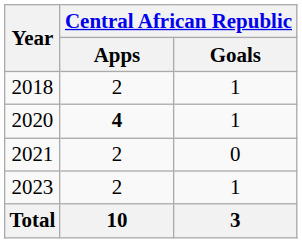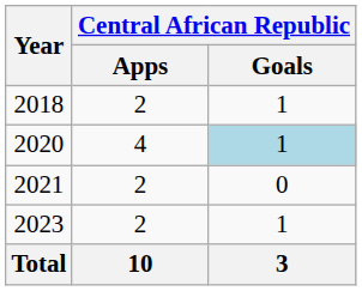 <table class="wikitable" style="text-align:center">
 <tr>
 <th rowspan=2>Year</th>
 <th colspan=2><a href='#'>Central African Republic</a></th>
 </tr>
 <tr>
 <th>Apps</th>
 <th>Goals</th>
 </tr>
 <tr>
 <td>2018</td>
 <td>2</td>
 <td>1</td>
 </tr>
 <tr>
 <td>2020</td>
-<td><strong>4</strong></td>
-<td>1</td>
+<td>4</td>
+<td style="background: lightblue;">1</td>
 </tr>
 <tr>
 <td>2021</td>
 <td>2</td>
 <td>0</td>
 </tr>
 <tr>
 <td>2023</td>
 <td>2</td>
 <td>1</td>
 </tr>
 <tr>
 <th>Total</th>
 <th>10</th>
 <th>3</th>
 </tr>
 </table>
